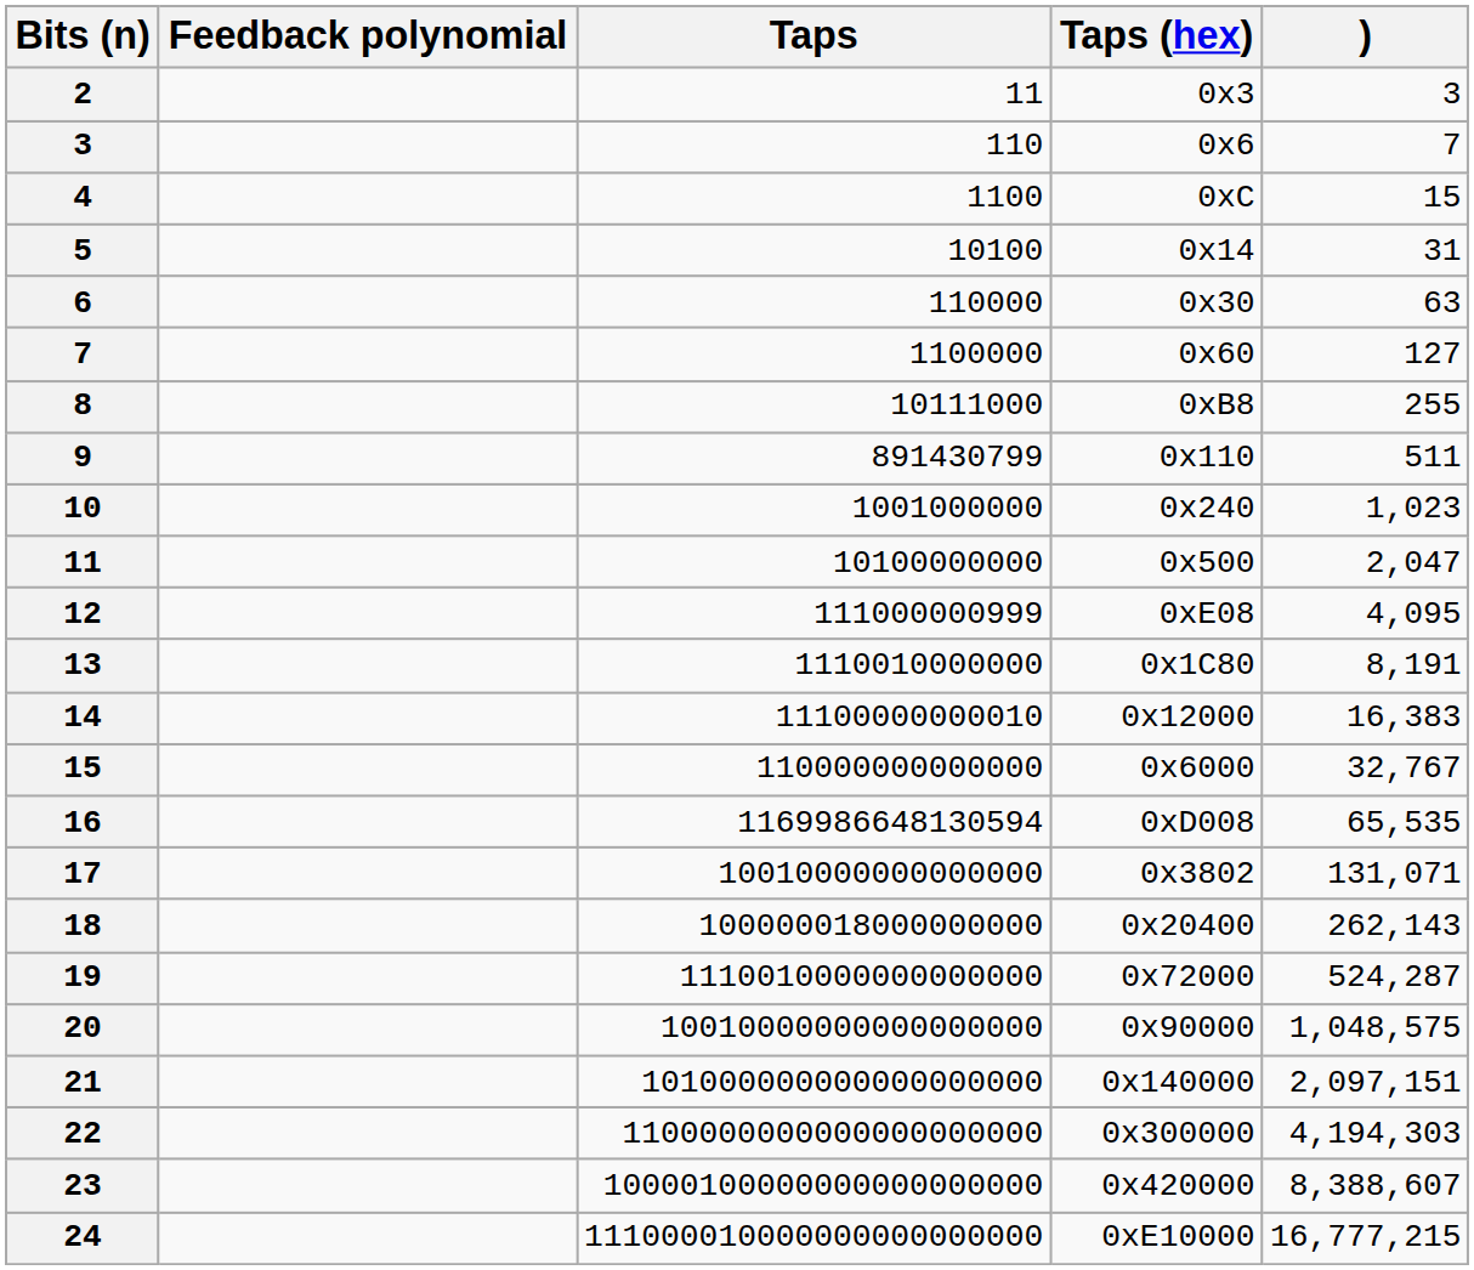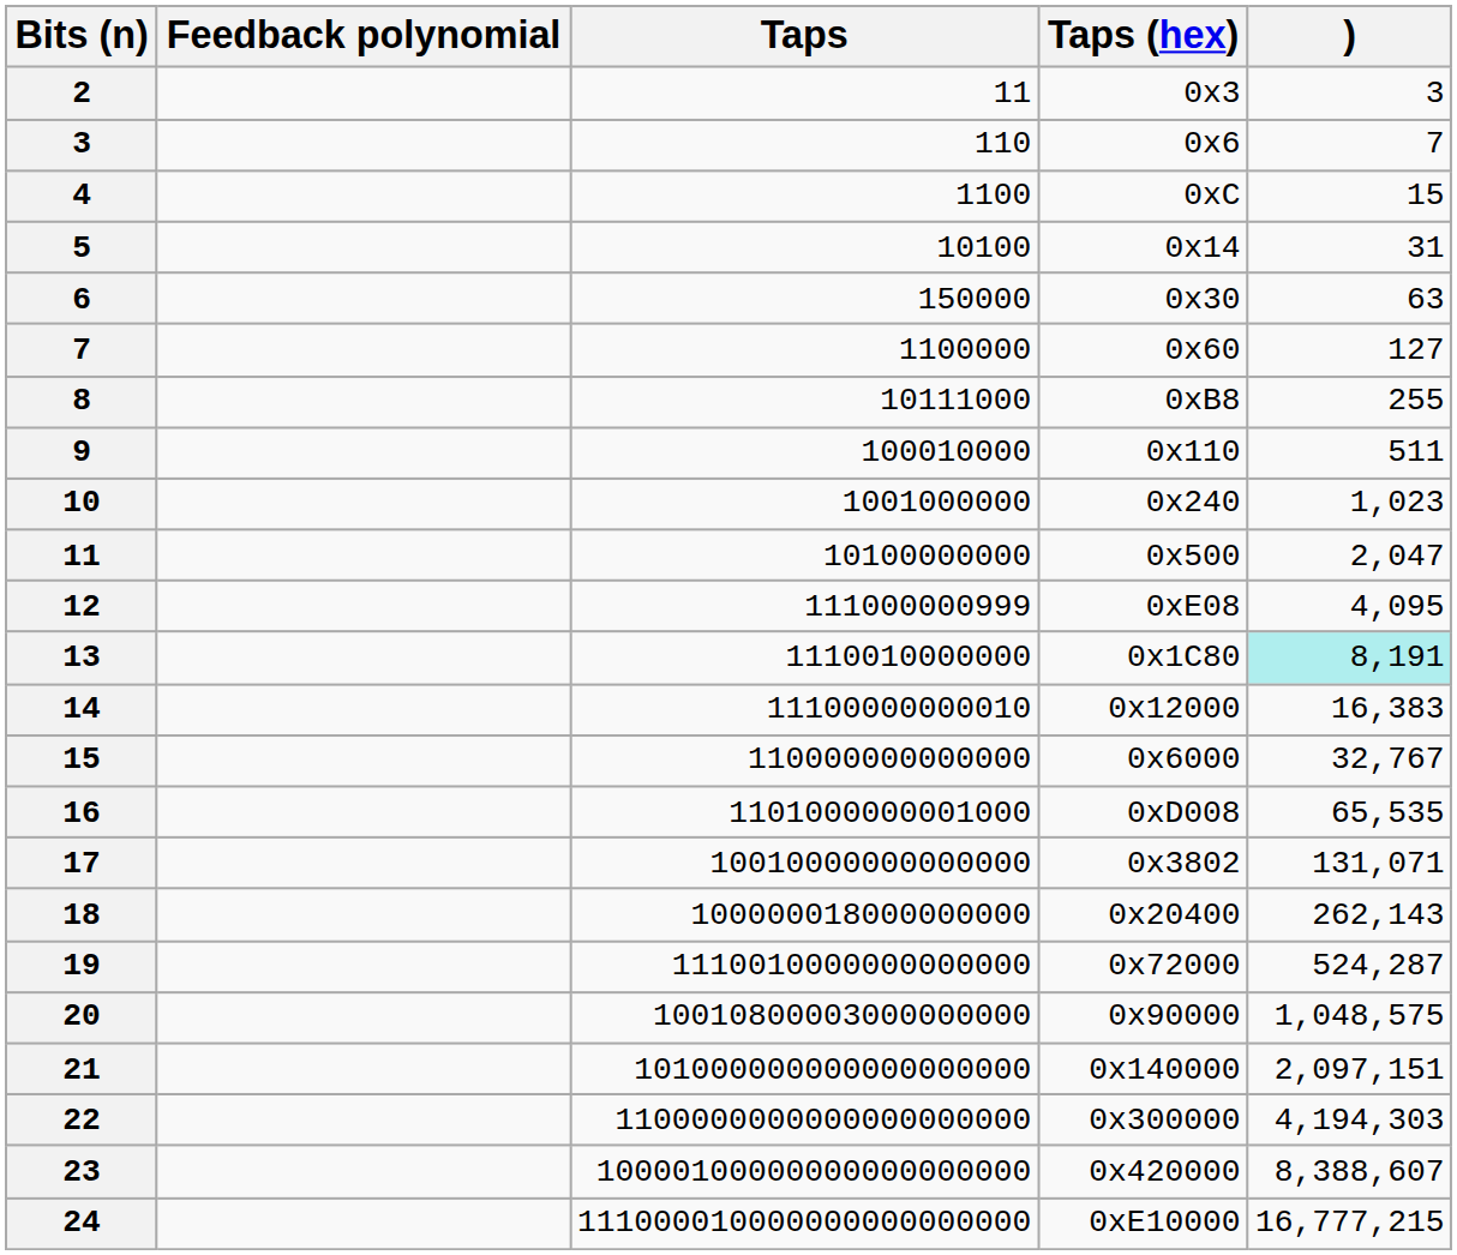 <table class="wikitable" style="text-align:right">
 <tr>
 <th>Bits (n)</th>
 <th>Feedback polynomial</th>
 <th>Taps</th>
 <th>Taps (<a href='#'>hex</a>)</th>
 <th>)</th>
 </tr>
 <tr style="font-family:monospace;">
 <th>2</th>
 <td></td>
 <td>11</td>
 <td>0x3</td>
 <td>3</td>
 </tr>
 <tr style="font-family:monospace;">
 <th>3</th>
 <td></td>
 <td>110</td>
 <td>0x6</td>
 <td>7</td>
 </tr>
 <tr style="font-family:monospace;">
 <th>4</th>
 <td></td>
 <td>1100</td>
 <td>0xC</td>
 <td>15</td>
 </tr>
 <tr style="font-family:monospace;">
 <th>5</th>
 <td></td>
 <td>10100</td>
 <td>0x14</td>
 <td>31</td>
 </tr>
 <tr style="font-family:monospace;">
 <th>6</th>
 <td></td>
-<td>110000</td>
+<td>150000</td>
 <td>0x30</td>
 <td>63</td>
 </tr>
 <tr style="font-family:monospace;">
 <th>7</th>
 <td></td>
 <td>1100000</td>
 <td>0x60</td>
 <td>127</td>
 </tr>
 <tr style="font-family:monospace;">
 <th>8</th>
 <td></td>
 <td>10111000</td>
 <td>0xB8</td>
 <td>255</td>
 </tr>
 <tr style="font-family:monospace;">
 <th>9</th>
 <td></td>
-<td>891430799</td>
+<td>100010000</td>
 <td>0x110</td>
 <td>511</td>
 </tr>
 <tr style="font-family:monospace;">
 <th>10</th>
 <td></td>
 <td>1001000000</td>
 <td>0x240</td>
 <td>1,023</td>
 </tr>
 <tr style="font-family:monospace;">
 <th>11</th>
 <td></td>
 <td>10100000000</td>
 <td>0x500</td>
 <td>2,047</td>
 </tr>
 <tr style="font-family:monospace;">
 <th>12</th>
 <td></td>
 <td>111000000999</td>
 <td>0xE08</td>
 <td>4,095</td>
 </tr>
 <tr style="font-family:monospace;">
 <th>13</th>
 <td></td>
 <td>1110010000000</td>
 <td>0x1C80</td>
-<td>8,191</td>
+<td style="background: paleturquoise;">8,191</td>
 </tr>
 <tr style="font-family:monospace;">
 <th>14</th>
 <td></td>
 <td>11100000000010</td>
 <td>0x12000</td>
 <td>16,383</td>
 </tr>
 <tr style="font-family:monospace;">
 <th>15</th>
 <td></td>
 <td>110000000000000</td>
 <td>0x6000</td>
 <td>32,767</td>
 </tr>
 <tr style="font-family:monospace;">
 <th>16</th>
 <td></td>
-<td>1169986648130594</td>
+<td>1101000000001000</td>
 <td>0xD008</td>
 <td>65,535</td>
 </tr>
 <tr style="font-family:monospace;">
 <th>17</th>
 <td></td>
 <td>10010000000000000</td>
 <td>0x3802</td>
 <td>131,071</td>
 </tr>
 <tr style="font-family:monospace;">
 <th>18</th>
 <td></td>
 <td>100000018000000000</td>
 <td>0x20400</td>
 <td>262,143</td>
 </tr>
 <tr style="font-family:monospace;">
 <th>19</th>
 <td></td>
 <td>1110010000000000000</td>
 <td>0x72000</td>
 <td>524,287</td>
 </tr>
 <tr style="font-family:monospace;">
 <th>20</th>
 <td></td>
-<td>10010000000000000000</td>
+<td>10010800003000000000</td>
 <td>0x90000</td>
 <td>1,048,575</td>
 </tr>
 <tr style="font-family:monospace;">
 <th>21</th>
 <td></td>
 <td>101000000000000000000</td>
 <td>0x140000</td>
 <td>2,097,151</td>
 </tr>
 <tr style="font-family:monospace;">
 <th>22</th>
 <td></td>
 <td>1100000000000000000000</td>
 <td>0x300000</td>
 <td>4,194,303</td>
 </tr>
 <tr style="font-family:monospace;">
 <th>23</th>
 <td></td>
 <td>10000100000000000000000</td>
 <td>0x420000</td>
 <td>8,388,607</td>
 </tr>
 <tr style="font-family:monospace;">
 <th>24</th>
 <td></td>
 <td>111000010000000000000000</td>
 <td>0xE10000</td>
 <td>16,777,215</td>
 </tr>
 </table>
